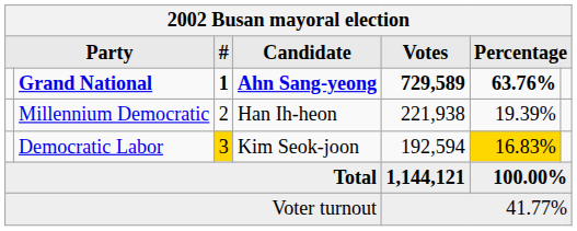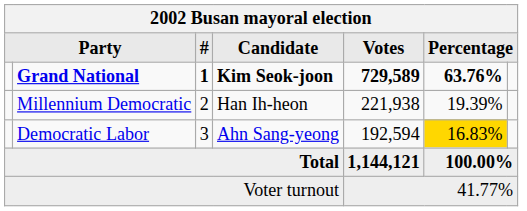 <table class="wikitable">
 <tr>
 <th colspan="7">2002 Busan mayoral election</th>
 </tr>
 <tr>
 <th style="background-color:#E9E9E9" colspan=2>Party</th>
 <th style="background-color:#E9E9E9">#</th>
 <th style="background-color:#E9E9E9">Candidate</th>
 <th style="background-color:#E9E9E9">Votes</th>
 <th style="background-color:#E9E9E9" colspan=2>Percentage</th>
 </tr>
 <tr style="font-weight:bold">
 <td></td>
 <td align=left><a href='#'>Grand National</a></td>
 <td align=center>1</td>
-<td align=left><a href='#'>Ahn Sang-yeong</a></td>
+<td align=left>Kim Seok-joon</td>
 <td align=right>729,589</td>
 <td align=right>63.76%</td>
 <td align=right></td>
 </tr>
 <tr>
 <td></td>
 <td align=left><a href='#'>Millennium Democratic</a></td>
 <td align=center>2</td>
 <td align=left>Han Ih-heon</td>
 <td align=right>221,938</td>
 <td align=right>19.39%</td>
 <td align=right></td>
 </tr>
 <tr>
 <td></td>
 <td align=left><a href='#'>Democratic Labor</a></td>
-<td align=center style="background: gold;">3</td>
-<td align=left>Kim Seok-joon</td>
+<td align=center>3</td>
+<td align=left><a href='#'>Ahn Sang-yeong</a></td>
 <td align=right>192,594</td>
 <td align=right style="background: gold;">16.83%</td>
 <td align=right></td>
 </tr>
 <tr bgcolor="#EEEEEE" style="font-weight:bold">
 <td colspan="4" align=right>Total</td>
 <td align=right>1,144,121</td>
 <td align=right colspan=2>100.00%</td>
 </tr>
 <tr bgcolor="#EEEEEE">
 <td colspan="4" align="right">Voter turnout</td>
 <td colspan="3" align="right">41.77%</td>
 </tr>
 </table>
